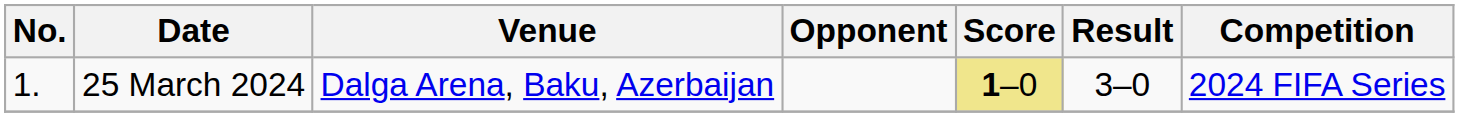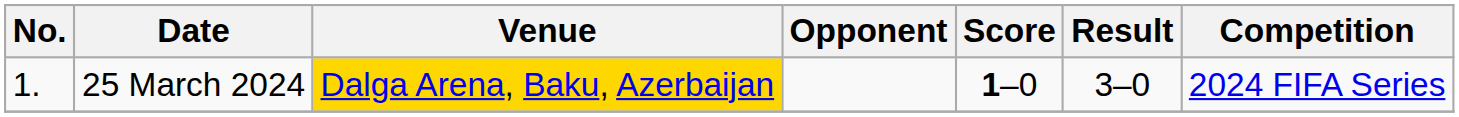 <table class="wikitable">
 <tr>
 <th>No.</th>
 <th>Date</th>
 <th>Venue</th>
 <th>Opponent</th>
 <th>Score</th>
 <th>Result</th>
 <th>Competition</th>
 </tr>
 <tr>
 <td>1.</td>
 <td>25 March 2024</td>
-<td><a href='#'>Dalga Arena</a>, <a href='#'>Baku</a>, <a href='#'>Azerbaijan</a></td>
+<td style="background: gold;"><a href='#'>Dalga Arena</a>, <a href='#'>Baku</a>, <a href='#'>Azerbaijan</a></td>
 <td></td>
-<td align=center style="background: khaki;"><strong>1</strong>–0</td>
+<td align=center><strong>1</strong>–0</td>
 <td align=center>3–0</td>
 <td><a href='#'>2024 FIFA Series</a></td>
 </tr>
 <tr>
 </tr>
 </table>
